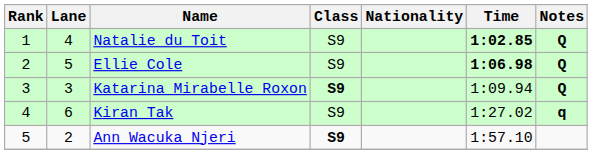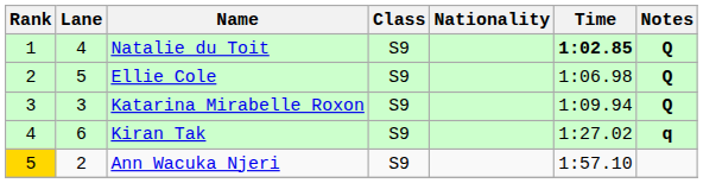 <table class="wikitable sortable" style="text-align:center">
 <tr>
 <th>Rank</th>
 <th>Lane</th>
 <th>Name</th>
 <th>Class</th>
 <th>Nationality</th>
 <th>Time</th>
 <th>Notes</th>
 </tr>
 <tr bgcolor=ccffcc>
 <td>1</td>
 <td>4</td>
 <td align=left><a href='#'>Natalie du Toit</a></td>
 <td>S9</td>
 <td align=left></td>
 <td><strong>1:02.85</strong></td>
 <td><strong>Q</strong></td>
 </tr>
 <tr bgcolor=ccffcc>
 <td>2</td>
 <td>5</td>
 <td align=left><a href='#'>Ellie Cole</a></td>
 <td>S9</td>
 <td align=left></td>
-<td><strong>1:06.98</strong></td>
+<td>1:06.98</td>
 <td><strong>Q</strong></td>
 </tr>
 <tr bgcolor=ccffcc>
 <td>3</td>
 <td>3</td>
 <td align=left><a href='#'>Katarina Mirabelle Roxon</a></td>
-<td><strong>S9</strong></td>
+<td>S9</td>
 <td align=left></td>
 <td>1:09.94</td>
 <td><strong>Q</strong></td>
 </tr>
 <tr bgcolor=ccffcc>
 <td>4</td>
 <td>6</td>
 <td align=left><a href='#'>Kiran Tak</a></td>
 <td>S9</td>
 <td align=left></td>
 <td>1:27.02</td>
 <td><strong>q</strong></td>
 </tr>
 <tr>
-<td>5</td>
+<td style="background: gold;">5</td>
 <td>2</td>
 <td align=left><a href='#'>Ann Wacuka Njeri</a></td>
-<td><strong>S9</strong></td>
+<td>S9</td>
 <td align=left></td>
 <td>1:57.10</td>
 <td></td>
 </tr>
 <tr>
 </tr>
 </table>
